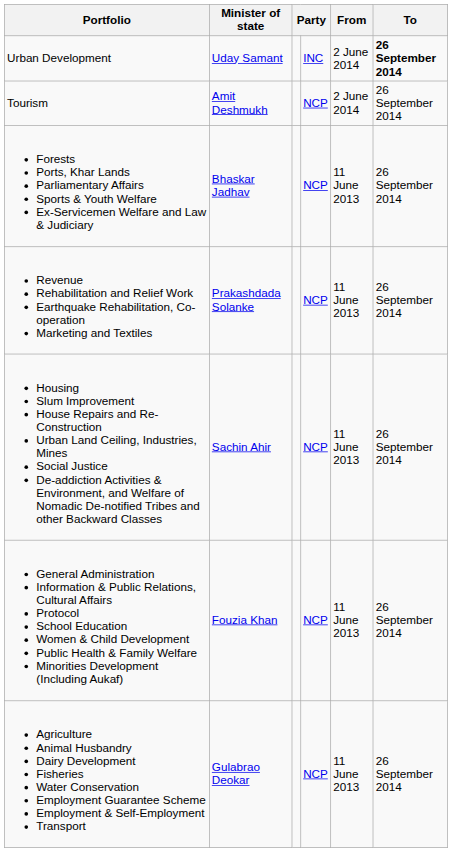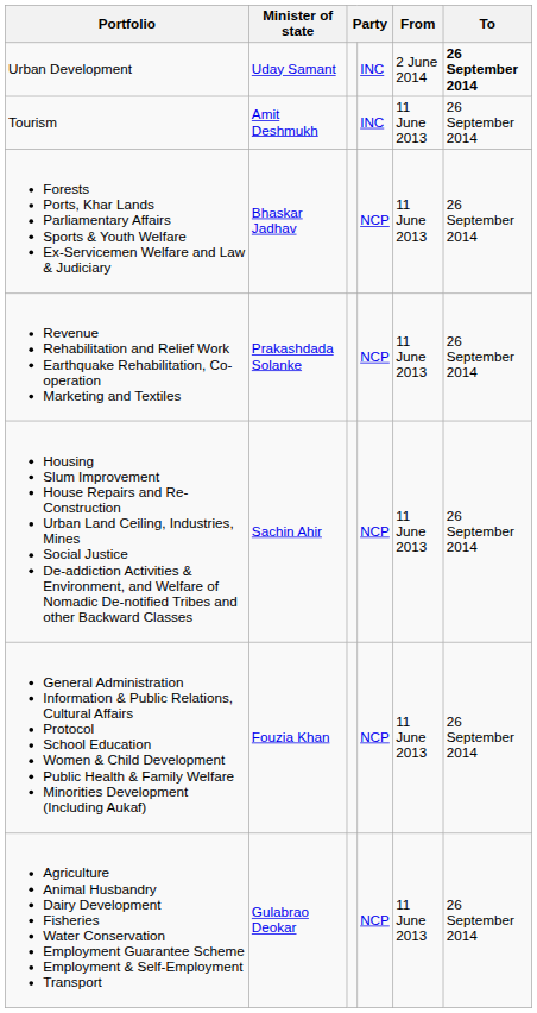 <table class="wikitable">
 <tr>
 <th>Portfolio</th>
 <th>Minister of state</th>
 <th colspan="2">Party</th>
 <th>From</th>
 <th>To</th>
 </tr>
 <tr>
 <td>Urban Development</td>
 <td><a href='#'>Uday Samant</a></td>
 <td width="4px"></td>
 <td><a href='#'>INC</a></td>
 <td>2 June 2014</td>
 <td><strong>26 September 2014</strong></td>
 </tr>
 <tr>
 <td>Tourism</td>
 <td><a href='#'>Amit Deshmukh</a></td>
 <td width="4px"></td>
-<td><a href='#'>NCP</a></td>
-<td>2 June 2014</td>
+<td><a href='#'>INC</a></td>
+<td>11 June 2013</td>
 <td>26 September 2014</td>
 </tr>
 <tr>
 <td><br><ul><li>Forests</li><li>Ports, Khar Lands</li><li>Parliamentary Affairs</li><li>Sports & Youth Welfare</li><li>Ex-Servicemen Welfare and Law & Judiciary</li></ul></td>
 <td><a href='#'>Bhaskar Jadhav</a></td>
 <td width="4px"></td>
 <td><a href='#'>NCP</a></td>
 <td>11 June 2013</td>
 <td>26 September 2014</td>
 </tr>
 <tr>
 <td><br><ul><li>Revenue</li><li>Rehabilitation and Relief Work</li><li>Earthquake Rehabilitation, Co-operation</li><li>Marketing and Textiles</li></ul></td>
 <td><a href='#'>Prakashdada Solanke</a></td>
 <td width="4px"></td>
 <td><a href='#'>NCP</a></td>
 <td>11 June 2013</td>
 <td>26 September 2014</td>
 </tr>
 <tr>
 <td><br><ul><li>Housing</li><li>Slum Improvement</li><li>House Repairs and Re-Construction</li><li>Urban Land Ceiling, Industries, Mines</li><li>Social Justice</li><li>De-addiction Activities & Environment, and Welfare of Nomadic De-notified Tribes and other Backward Classes</li></ul></td>
 <td><a href='#'>Sachin Ahir</a></td>
 <td width="4px"></td>
 <td><a href='#'>NCP</a></td>
 <td>11 June 2013</td>
 <td>26 September 2014</td>
 </tr>
 <tr>
 <td><br><ul><li>General Administration</li><li>Information & Public Relations, Cultural Affairs</li><li>Protocol</li><li>School Education</li><li>Women & Child Development</li><li>Public Health & Family Welfare</li><li>Minorities Development (Including Aukaf)</li></ul></td>
 <td><a href='#'>Fouzia Khan</a></td>
 <td width="4px"></td>
 <td><a href='#'>NCP</a></td>
 <td>11 June 2013</td>
 <td>26 September 2014</td>
 </tr>
 <tr>
 <td><br><ul><li>Agriculture</li><li>Animal Husbandry</li><li>Dairy Development</li><li>Fisheries</li><li>Water Conservation</li><li>Employment Guarantee Scheme</li><li>Employment & Self-Employment</li><li>Transport</li></ul></td>
 <td><a href='#'>Gulabrao Deokar</a></td>
 <td width="4px"></td>
 <td><a href='#'>NCP</a></td>
 <td>11 June 2013</td>
 <td>26 September 2014</td>
 </tr>
 </table>
